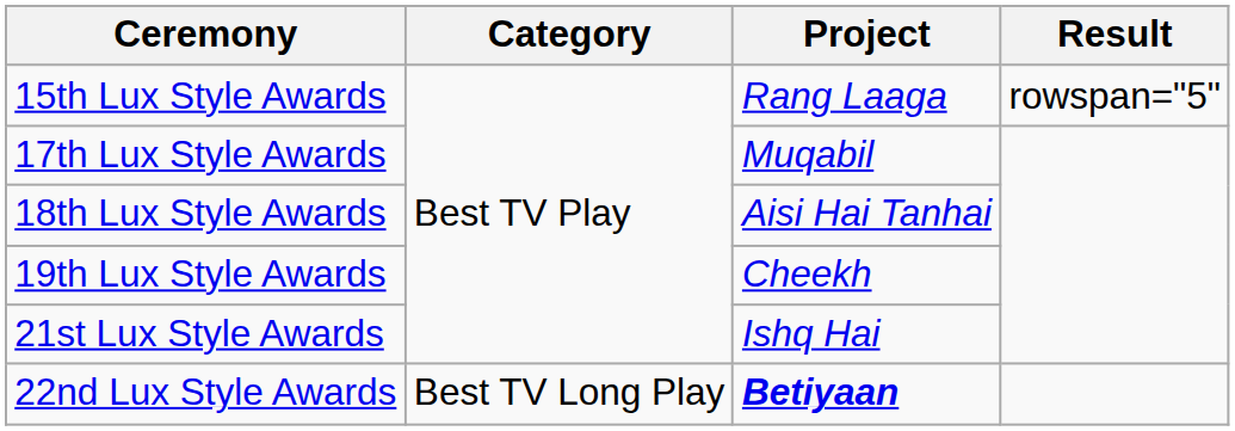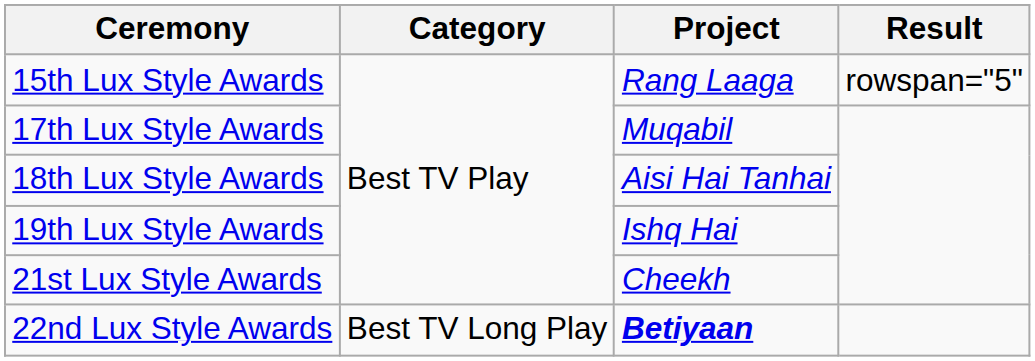 <table class="wikitable style">
 <tr>
 <th>Ceremony</th>
 <th>Category</th>
 <th>Project</th>
 <th>Result</th>
 </tr>
 <tr>
 <td><a href='#'>15th Lux Style Awards</a></td>
 <td rowspan="5">Best TV Play</td>
 <td><em><a href='#'>Rang Laaga</a></em></td>
 <td>rowspan="5" </td>
 </tr>
 <tr>
 <td><a href='#'>17th Lux Style Awards</a></td>
 <td><em><a href='#'>Muqabil</a></em></td>
 </tr>
 <tr>
 <td><a href='#'>18th Lux Style Awards</a></td>
 <td><em><a href='#'>Aisi Hai Tanhai</a></em></td>
 </tr>
 <tr>
 <td><a href='#'>19th Lux Style Awards</a></td>
-<td><em><a href='#'>Cheekh</a></em></td>
+<td><em><a href='#'>Ishq Hai</a></em></td>
 </tr>
 <tr>
 <td><a href='#'>21st Lux Style Awards</a></td>
-<td><em><a href='#'>Ishq Hai</a></em></td>
+<td><em><a href='#'>Cheekh</a></em></td>
 </tr>
 <tr>
 <td><a href='#'>22nd Lux Style Awards</a></td>
 <td>Best TV Long Play</td>
 <td><strong><em><a href='#'>Betiyaan</a></em></strong></td>
 <td></td>
 </tr>
 </table>
